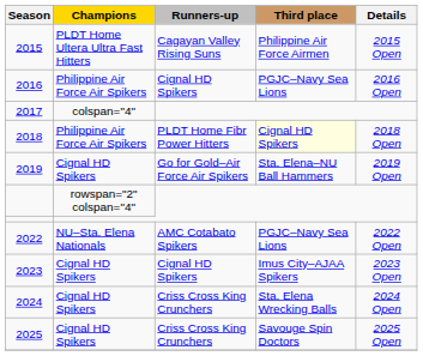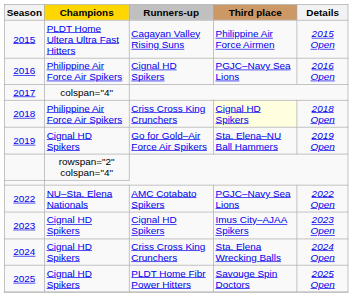 <table class=wikitable style="border-collapse: collapse; font-size:90%; text-align: center" width=80%>
 <tr>
 <th width=10%>Season</th>
 <th width=25% style="background:gold">Champions</th>
 <th width=25% style="background:silver">Runners-up</th>
 <th width=25% style="background:#cc9966">Third place</th>
 <th width=15%>Details</th>
 </tr>
 <tr>
 <td><a href='#'>2015</a></td>
 <td style="text-align:left"><a href='#'>PLDT Home Ultera Ultra Fast Hitters</a></td>
 <td style="text-align:left"><a href='#'>Cagayan Valley Rising Suns</a></td>
 <td style="text-align:left"><a href='#'>Philippine Air Force Airmen</a></td>
 <td><em><a href='#'>2015 Open</a></em></td>
 </tr>
 <tr>
 <td><a href='#'>2016</a></td>
 <td style="text-align:left"><a href='#'>Philippine Air Force Air Spikers</a></td>
 <td style="text-align:left"><a href='#'>Cignal HD Spikers</a></td>
 <td style="text-align:left"><a href='#'>PGJC–Navy Sea Lions</a></td>
 <td><em><a href='#'>2016 Open</a></em></td>
 </tr>
 <tr>
 <td><a href='#'>2017</a></td>
 <td>colspan="4"</td>
 </tr>
 <tr>
 <td><a href='#'>2018</a></td>
 <td style="text-align:left"><a href='#'>Philippine Air Force Air Spikers</a></td>
-<td style="text-align:left"><a href='#'>PLDT Home Fibr Power Hitters</a></td>
+<td style="text-align:left"><a href='#'>Criss Cross King Crunchers</a></td>
 <td style="background: lightyellow; text-align:left"><a href='#'>Cignal HD Spikers</a></td>
 <td><em><a href='#'>2018 Open</a></em></td>
 </tr>
 <tr>
 <td><a href='#'>2019</a></td>
 <td style="text-align:left"><a href='#'>Cignal HD Spikers</a></td>
 <td style="text-align:left"><a href='#'>Go for Gold–Air Force Air Spikers</a></td>
 <td style="text-align:left"><a href='#'>Sta. Elena–NU Ball Hammers</a></td>
 <td><em><a href='#'>2019 Open</a></em></td>
 </tr>
 <tr>
 <td></td>
 <td>rowspan="2" colspan="4" </td>
 </tr>
 <tr>
 <td></td>
 </tr>
 <tr>
 <td><a href='#'>2022</a></td>
 <td style="text-align:left"><a href='#'>NU–Sta. Elena Nationals</a></td>
 <td style="text-align:left"><a href='#'>AMC Cotabato Spikers</a></td>
 <td style="text-align:left"><a href='#'>PGJC–Navy Sea Lions</a></td>
 <td><em><a href='#'>2022 Open</a></em></td>
 </tr>
 <tr>
 <td><a href='#'>2023</a></td>
 <td style="text-align:left"><a href='#'>Cignal HD Spikers</a></td>
 <td style="text-align:left"><a href='#'>Cignal HD Spikers</a></td>
 <td style="text-align:left"><a href='#'>Imus City–AJAA Spikers</a></td>
 <td><em><a href='#'>2023 Open</a></em></td>
 </tr>
 <tr>
 <td><a href='#'>2024</a></td>
 <td style="text-align:left"><a href='#'>Cignal HD Spikers</a></td>
 <td style="text-align:left"><a href='#'>Criss Cross King Crunchers</a></td>
 <td style="text-align:left"><a href='#'>Sta. Elena Wrecking Balls</a></td>
 <td><em><a href='#'>2024 Open</a></em></td>
 </tr>
 <tr>
 <td><a href='#'>2025</a></td>
 <td style="text-align:left"><a href='#'>Cignal HD Spikers</a></td>
-<td style="text-align:left"><a href='#'>Criss Cross King Crunchers</a></td>
+<td style="text-align:left"><a href='#'>PLDT Home Fibr Power Hitters</a></td>
 <td style="text-align:left"><a href='#'>Savouge Spin Doctors</a></td>
 <td><em><a href='#'>2025 Open</a></em></td>
 </tr>
 <tr>
 </tr>
 </table>
